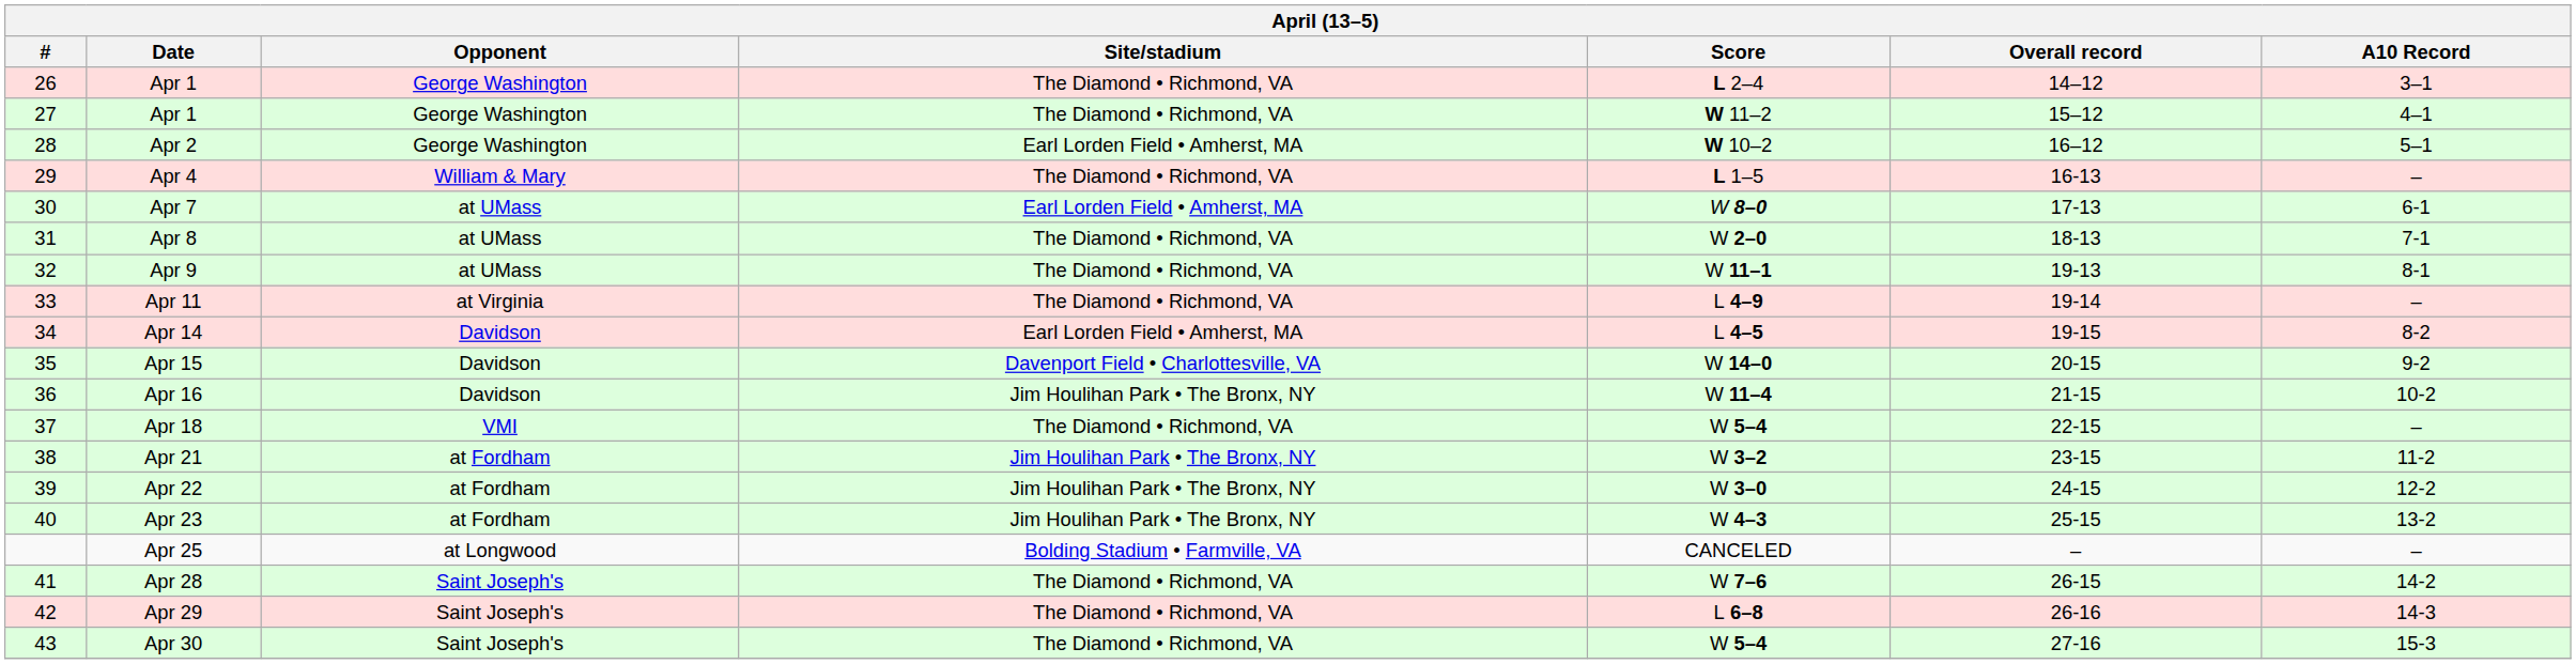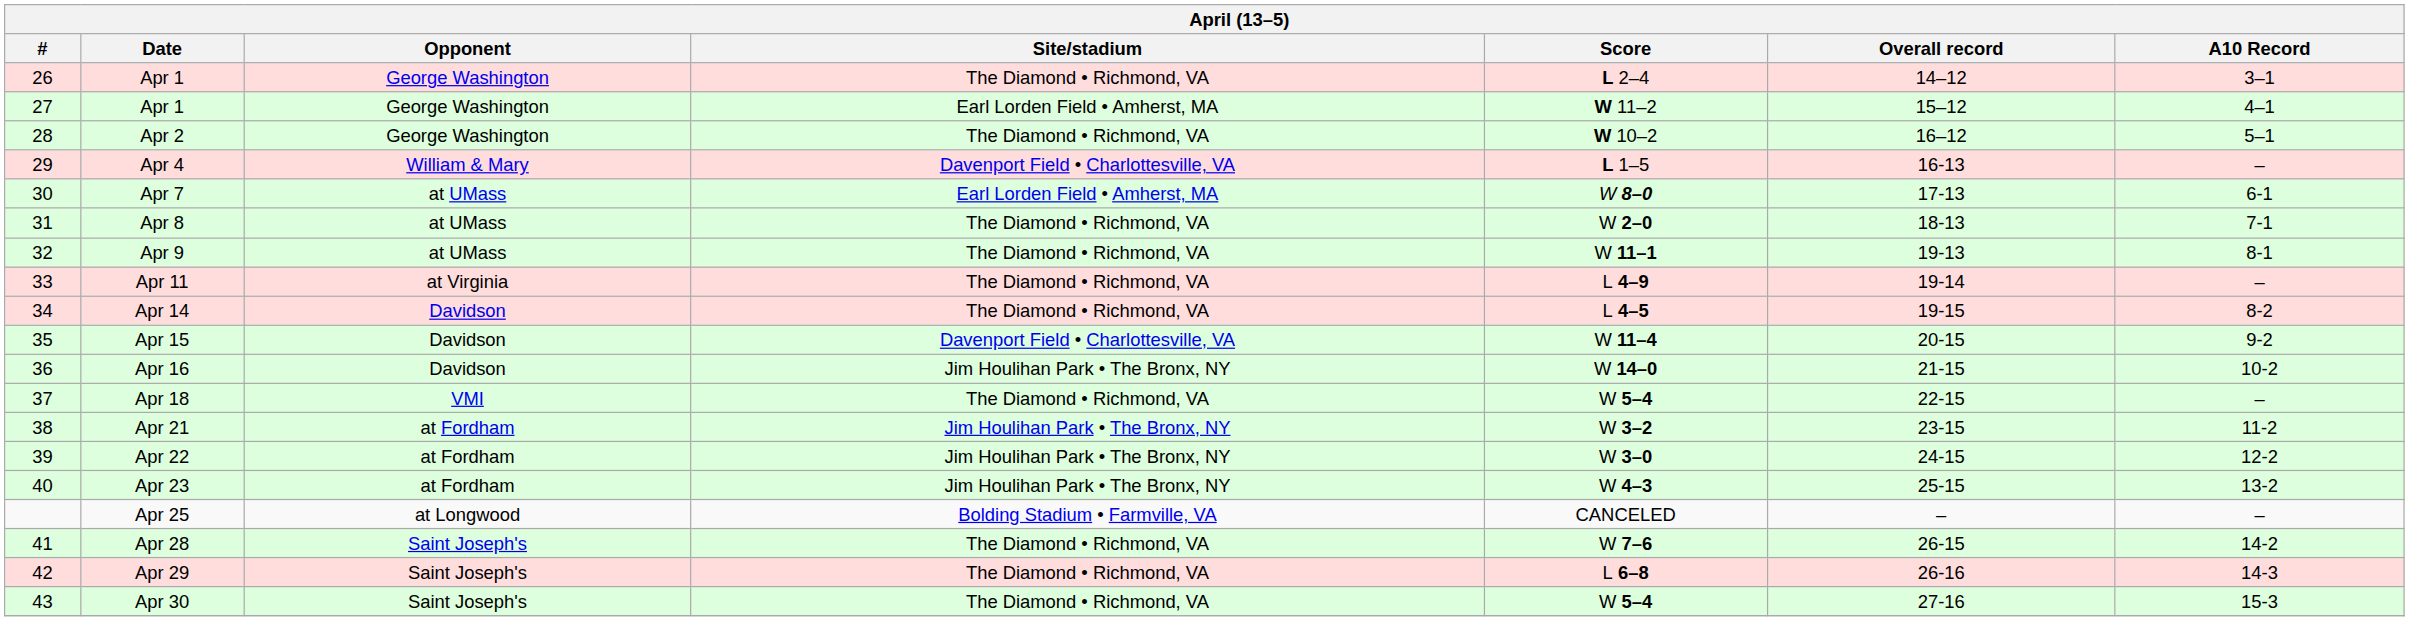 <table class="wikitable collapsible collapsed" style="margin:auto; width:100%; text-align:center; font-size:95%">
 <tr>
 <th colspan=12 style="padding-left:4em;">April (13–5)</th>
 </tr>
 <tr>
 <th>#</th>
 <th>Date</th>
 <th>Opponent</th>
 <th>Site/stadium</th>
 <th>Score</th>
 <th>Overall record</th>
 <th>A10 Record</th>
 </tr>
 <tr bgcolor="#ffdddd">
 <td>26</td>
 <td>Apr 1</td>
 <td><a href='#'>George Washington</a></td>
 <td>The Diamond • Richmond, VA</td>
 <td><strong>L</strong> 2–4</td>
 <td>14–12</td>
 <td>3–1</td>
 </tr>
 <tr bgcolor="#ddffdd">
 <td>27</td>
 <td>Apr 1</td>
 <td>George Washington</td>
-<td>The Diamond • Richmond, VA</td>
+<td>Earl Lorden Field • Amherst, MA</td>
 <td><strong>W</strong> 11–2</td>
 <td>15–12</td>
 <td>4–1</td>
 </tr>
 <tr bgcolor="#ddffdd">
 <td>28</td>
 <td>Apr 2</td>
 <td>George Washington</td>
-<td>Earl Lorden Field • Amherst, MA</td>
+<td>The Diamond • Richmond, VA</td>
 <td><strong>W</strong> 10–2</td>
 <td>16–12</td>
 <td>5–1</td>
 </tr>
 <tr bgcolor="#ffdddd">
 <td>29</td>
 <td>Apr 4</td>
 <td><a href='#'>William & Mary</a></td>
-<td>The Diamond • Richmond, VA</td>
+<td><a href='#'>Davenport Field</a> • <a href='#'>Charlottesville, VA</a></td>
 <td><strong>L</strong> 1–5</td>
 <td>16-13</td>
 <td>– </td>
 </tr>
 <tr bgcolor="#ddffdd">
 <td>30</td>
 <td>Apr 7</td>
 <td>at <a href='#'>UMass</a></td>
 <td><a href='#'>Earl Lorden Field</a> • <a href='#'>Amherst, MA</a></td>
 <td><em>W<strong> 8–0</td>
 <td>17-13</td>
 <td>6-1</td>
 </tr>
 <tr bgcolor="#ddffdd">
 <td>31</td>
 <td>Apr 8</td>
 <td>at UMass</td>
 <td>The Diamond • Richmond, VA</td>
 <td></strong>W<strong> 2–0</td>
 <td>18-13</td>
 <td>7-1</td>
 </tr>
 <tr bgcolor="#ddffdd">
 <td>32</td>
 <td>Apr 9</td>
 <td>at UMass</td>
 <td>The Diamond • Richmond, VA</td>
 <td></strong>W<strong> 11–1</td>
 <td>19-13</td>
 <td>8-1</td>
 </tr>
 <tr bgcolor="#ffdddd">
 <td>33</td>
 <td>Apr 11</td>
 <td>at Virginia</td>
 <td>The Diamond • Richmond, VA</td>
 <td></strong>L<strong> 4–9</td>
 <td>19-14</td>
 <td>– </td>
 </tr>
 <tr bgcolor="#ffdddd">
 <td>34</td>
 <td>Apr 14</td>
 <td><a href='#'>Davidson</a></td>
-<td>Earl Lorden Field • Amherst, MA</td>
+<td>The Diamond • Richmond, VA</td>
 <td></strong>L<strong> 4–5</td>
 <td>19-15</td>
 <td>8-2</td>
 </tr>
 <tr bgcolor="#ddffdd">
 <td>35</td>
 <td>Apr 15</td>
 <td>Davidson</td>
 <td><a href='#'>Davenport Field</a> • <a href='#'>Charlottesville, VA</a></td>
-<td></strong>W<strong> 14–0</td>
+<td></strong>W<strong> 11–4</td>
 <td>20-15</td>
 <td>9-2</td>
 </tr>
 <tr bgcolor="#ddffdd">
 <td>36</td>
 <td>Apr 16</td>
 <td>Davidson</td>
 <td>Jim Houlihan Park • The Bronx, NY</td>
-<td></strong>W<strong> 11–4</td>
+<td></strong>W<strong> 14–0</td>
 <td>21-15</td>
 <td>10-2</td>
 </tr>
 <tr bgcolor="#ddffdd">
 <td>37</td>
 <td>Apr 18</td>
 <td><a href='#'>VMI</a></td>
 <td>The Diamond • Richmond, VA</td>
 <td></strong>W<strong> 5–4</td>
 <td>22-15</td>
 <td>– </td>
 </tr>
 <tr bgcolor="#ddffdd">
 <td>38</td>
 <td>Apr 21</td>
 <td>at <a href='#'>Fordham</a></td>
 <td><a href='#'>Jim Houlihan Park</a> • <a href='#'>The Bronx, NY</a></td>
 <td></strong>W<strong> 3–2</td>
 <td>23-15</td>
 <td>11-2</td>
 </tr>
 <tr bgcolor="#ddffdd">
 <td>39</td>
 <td>Apr 22</td>
 <td>at Fordham</td>
 <td>Jim Houlihan Park • The Bronx, NY</td>
 <td></strong>W<strong> 3–0</td>
 <td>24-15</td>
 <td>12-2</td>
 </tr>
 <tr bgcolor="#ddffdd">
 <td>40</td>
 <td>Apr 23</td>
 <td>at Fordham</td>
 <td>Jim Houlihan Park • The Bronx, NY</td>
 <td></strong>W<strong> 4–3</td>
 <td>25-15</td>
 <td>13-2</td>
 </tr>
 <tr>
 <td></td>
 <td>Apr 25</td>
 <td>at Longwood</td>
 <td><a href='#'>Bolding Stadium</a> • <a href='#'>Farmville, VA</a></td>
 <td>CANCELED</td>
 <td>– </td>
 <td>– </td>
 </tr>
 <tr bgcolor="#ddffdd">
 <td>41</td>
 <td>Apr 28</td>
 <td><a href='#'>Saint Joseph's</a></td>
 <td>The Diamond • Richmond, VA</td>
 <td></strong>W<strong> 7–6</td>
 <td>26-15</td>
 <td>14-2</td>
 </tr>
 <tr bgcolor="#ffdddd">
 <td>42</td>
 <td>Apr 29</td>
 <td>Saint Joseph's</td>
 <td>The Diamond • Richmond, VA</td>
 <td></strong>L<strong> 6–8</td>
 <td>26-16</td>
 <td>14-3</td>
 </tr>
 <tr bgcolor="#ddffdd">
 <td>43</td>
 <td>Apr 30</td>
 <td>Saint Joseph's</td>
 <td>The Diamond • Richmond, VA</td>
 <td></strong>W<strong> 5–4</td>
 <td>27-16</td>
 <td>15-3</td>
 </tr>
 <tr>
 </tr>
 </table>
